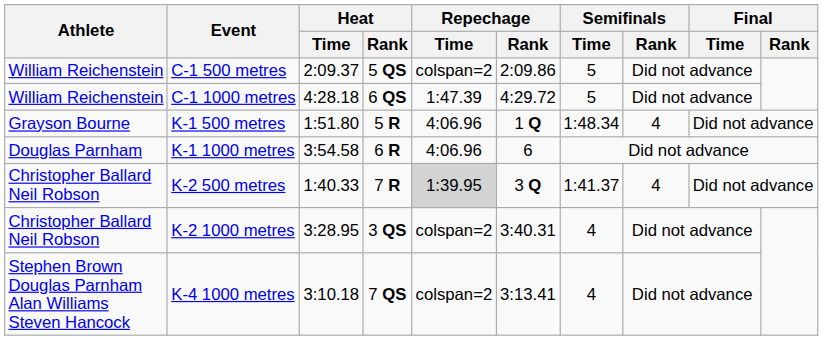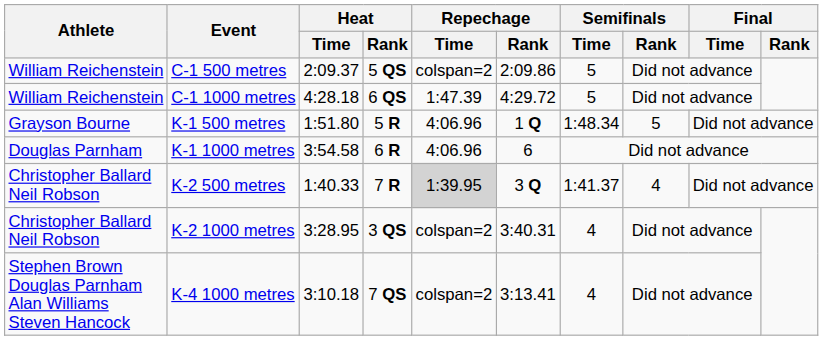 <table class="wikitable" style="font-size:90%;">
 <tr>
 <th rowspan=2>Athlete</th>
 <th rowspan=2>Event</th>
 <th colspan=2>Heat</th>
 <th colspan=2>Repechage</th>
 <th colspan=2>Semifinals</th>
 <th colspan=2>Final</th>
 </tr>
 <tr>
 <th>Time</th>
 <th>Rank</th>
 <th>Time</th>
 <th>Rank</th>
 <th>Time</th>
 <th>Rank</th>
 <th>Time</th>
 <th>Rank</th>
 </tr>
 <tr align=center>
 <td align=left><a href='#'>William Reichenstein</a></td>
 <td align=left><a href='#'>C-1 500 metres</a></td>
 <td>2:09.37</td>
 <td>5 <strong>QS</strong></td>
 <td>colspan=2</td>
 <td>2:09.86</td>
 <td>5</td>
 <td colspan=2>Did not advance</td>
 </tr>
 <tr align=center>
 <td align=left><a href='#'>William Reichenstein</a></td>
 <td align=left><a href='#'>C-1 1000 metres</a></td>
 <td>4:28.18</td>
 <td>6 <strong>QS</strong></td>
 <td>1:47.39</td>
 <td>4:29.72</td>
 <td>5</td>
 <td colspan=2>Did not advance</td>
 </tr>
 <tr align=center>
 <td align=left><a href='#'>Grayson Bourne</a></td>
 <td align=left><a href='#'>K-1 500 metres</a></td>
 <td>1:51.80</td>
 <td>5 <strong>R</strong></td>
 <td>4:06.96</td>
 <td>1 <strong>Q</strong></td>
 <td>1:48.34</td>
-<td>4</td>
+<td>5</td>
 <td colspan=2>Did not advance</td>
 </tr>
 <tr align=center>
 <td align=left><a href='#'>Douglas Parnham</a></td>
 <td align=left><a href='#'>K-1 1000 metres</a></td>
 <td>3:54.58</td>
 <td>6 <strong>R</strong></td>
 <td>4:06.96</td>
 <td>6</td>
 <td colspan=4>Did not advance</td>
 </tr>
 <tr align=center>
 <td align=left><a href='#'>Christopher Ballard</a><br><a href='#'>Neil Robson</a></td>
 <td align=left><a href='#'>K-2 500 metres</a></td>
 <td>1:40.33</td>
 <td>7 <strong>R</strong></td>
 <td style="background: lightgrey;">1:39.95</td>
 <td>3 <strong>Q</strong></td>
 <td>1:41.37</td>
 <td>4</td>
 <td colspan=2>Did not advance</td>
 </tr>
 <tr align=center>
 <td align=left><a href='#'>Christopher Ballard</a><br><a href='#'>Neil Robson</a></td>
 <td align=left><a href='#'>K-2 1000 metres</a></td>
 <td>3:28.95</td>
 <td>3 <strong>QS</strong></td>
 <td>colspan=2</td>
 <td>3:40.31</td>
 <td>4</td>
 <td colspan=2>Did not advance</td>
 </tr>
 <tr align=center>
 <td align=left><a href='#'>Stephen Brown</a><br><a href='#'>Douglas Parnham</a><br><a href='#'>Alan Williams</a><br><a href='#'>Steven Hancock</a></td>
 <td align=left><a href='#'>K-4 1000 metres</a></td>
 <td>3:10.18</td>
 <td>7 <strong>QS</strong></td>
 <td>colspan=2</td>
 <td>3:13.41</td>
 <td>4</td>
 <td colspan=2>Did not advance</td>
 </tr>
 </table>
